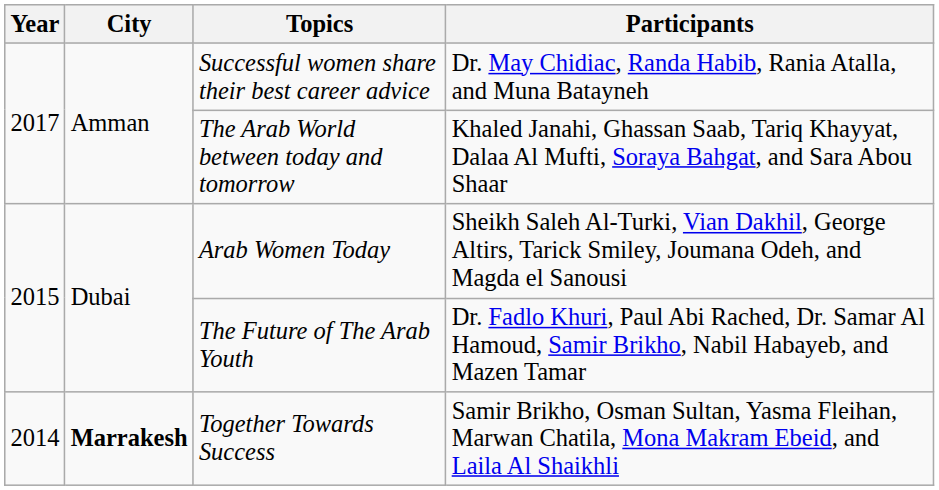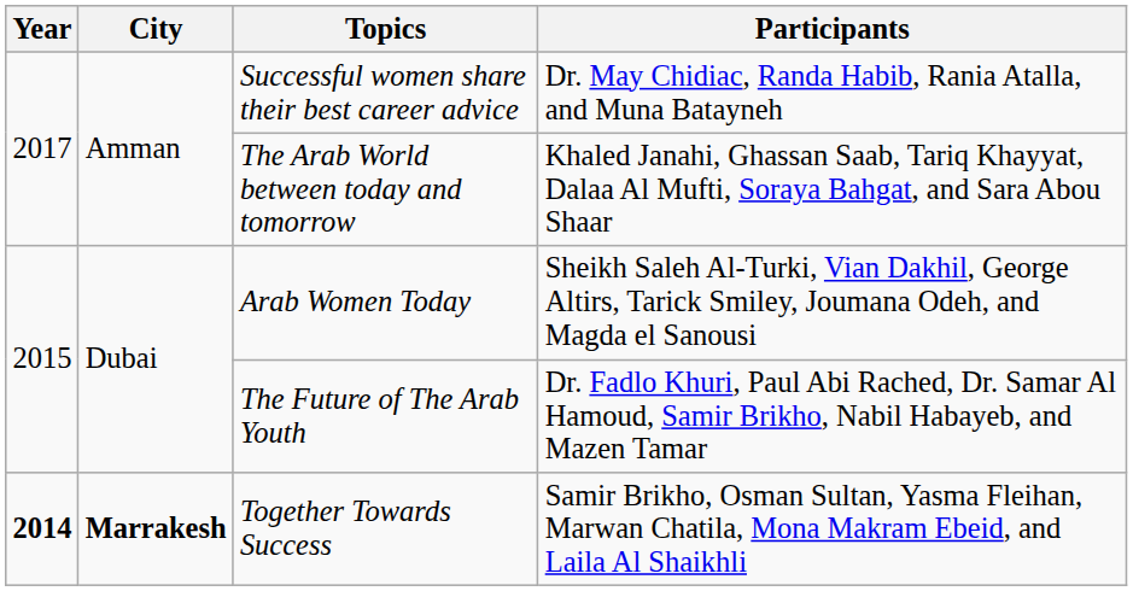 <table class="wikitable">
 <tr>
 <th>Year</th>
 <th>City</th>
 <th>Topics</th>
 <th>Participants</th>
 </tr>
 <tr>
 <td rowspan="2">2017</td>
 <td rowspan="2">Amman</td>
 <td><em>Successful women share their best career advice</em></td>
 <td>Dr. <a href='#'>May Chidiac</a>, <a href='#'>Randa Habib</a>, Rania Atalla, and Muna Batayneh</td>
 </tr>
 <tr>
 <td><em>The Arab World between today and tomorrow</em></td>
 <td>Khaled Janahi, Ghassan Saab, Tariq Khayyat, Dalaa Al Mufti, <a href='#'>Soraya Bahgat</a>,  and Sara Abou Shaar</td>
 </tr>
 <tr>
 <td rowspan="2">2015</td>
 <td rowspan="2">Dubai</td>
 <td><em>Arab Women Today</em></td>
 <td>Sheikh Saleh Al-Turki, <a href='#'>Vian Dakhil</a>, George Altirs, Tarick Smiley, Joumana Odeh, and Magda el Sanousi</td>
 </tr>
 <tr>
 <td><em>The Future of The Arab Youth</em></td>
 <td>Dr. <a href='#'>Fadlo Khuri</a>, Paul Abi Rached, Dr. Samar Al Hamoud, <a href='#'>Samir Brikho</a>, Nabil Habayeb, and Mazen Tamar</td>
 </tr>
 <tr>
-<td>2014</td>
+<td><strong>2014</strong></td>
 <td><strong>Marrakesh</strong></td>
 <td><em>Together Towards Success</em></td>
 <td>Samir Brikho, Osman Sultan, Yasma Fleihan, Marwan Chatila, <a href='#'>Mona Makram Ebeid</a>, and <a href='#'>Laila Al Shaikhli</a></td>
 </tr>
 </table>
